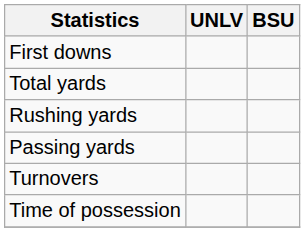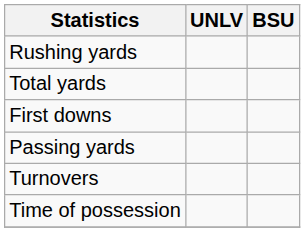 <table class="wikitable" style="float: left;">
 <tr>
 <th>Statistics</th>
 <th>UNLV</th>
 <th>BSU</th>
 </tr>
 <tr>
-<td>First downs</td>
+<td>Rushing yards</td>
 <td></td>
 <td></td>
 </tr>
 <tr>
 <td>Total yards</td>
 <td></td>
 <td></td>
 </tr>
 <tr>
-<td>Rushing yards</td>
+<td>First downs</td>
 <td></td>
 <td></td>
 </tr>
 <tr>
 <td>Passing yards</td>
 <td></td>
 <td></td>
 </tr>
 <tr>
 <td>Turnovers</td>
 <td></td>
 <td></td>
 </tr>
 <tr>
 <td>Time of possession</td>
 <td></td>
 <td></td>
 </tr>
 <tr>
 </tr>
 </table>
